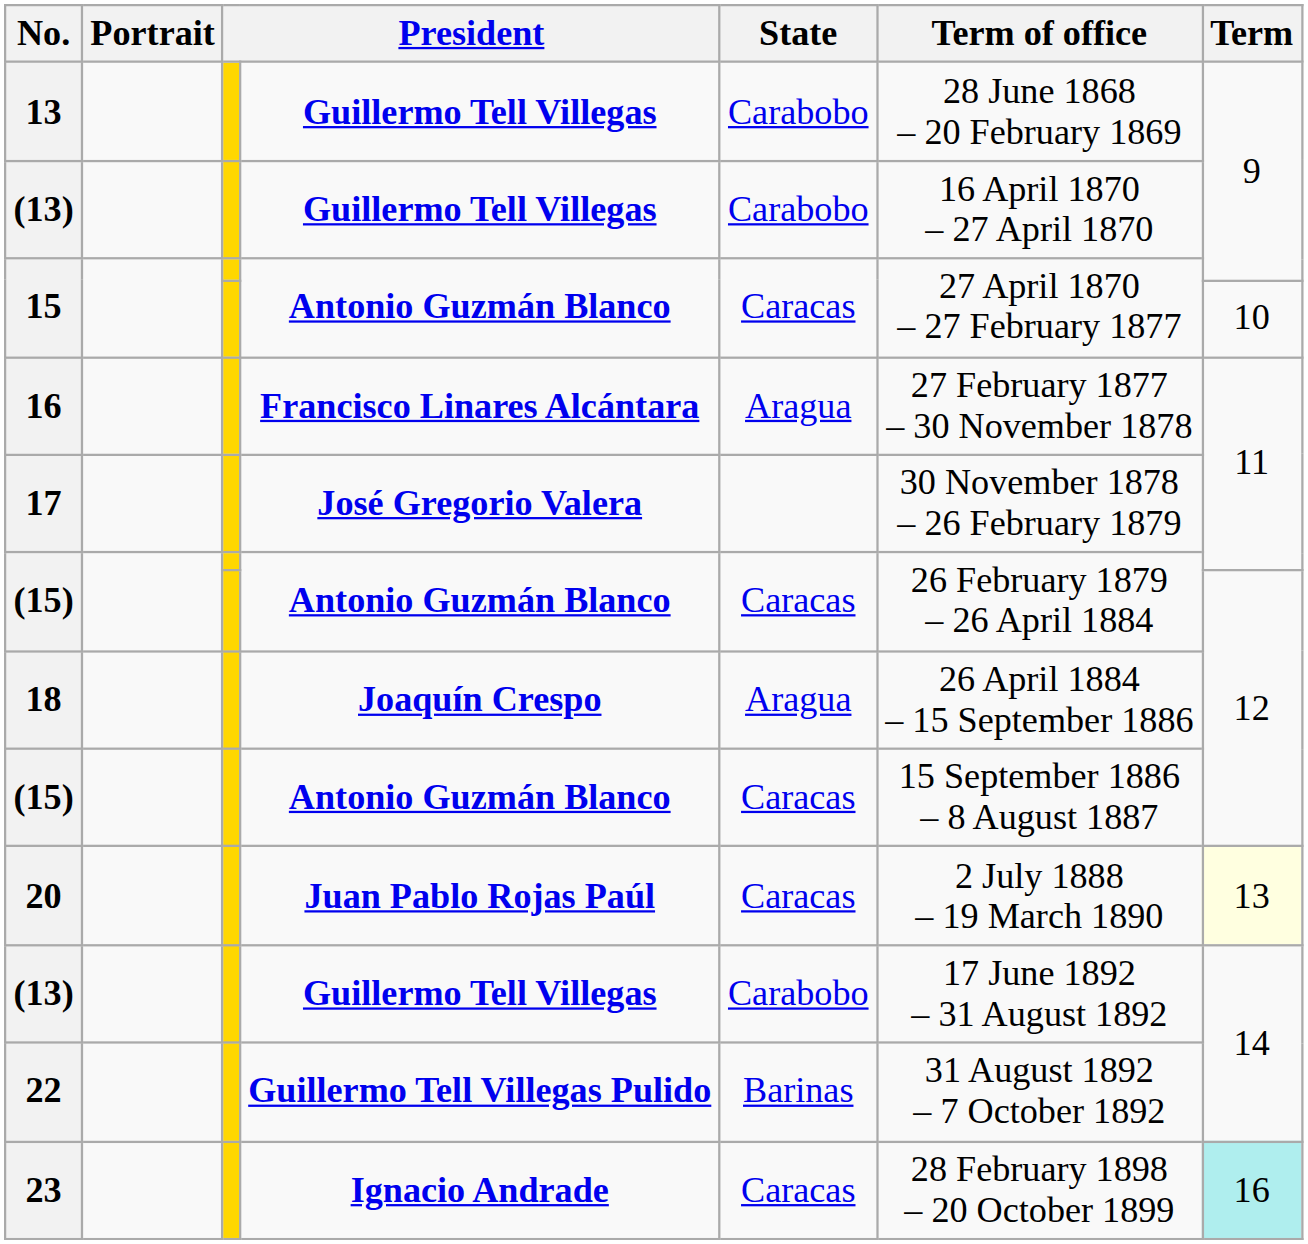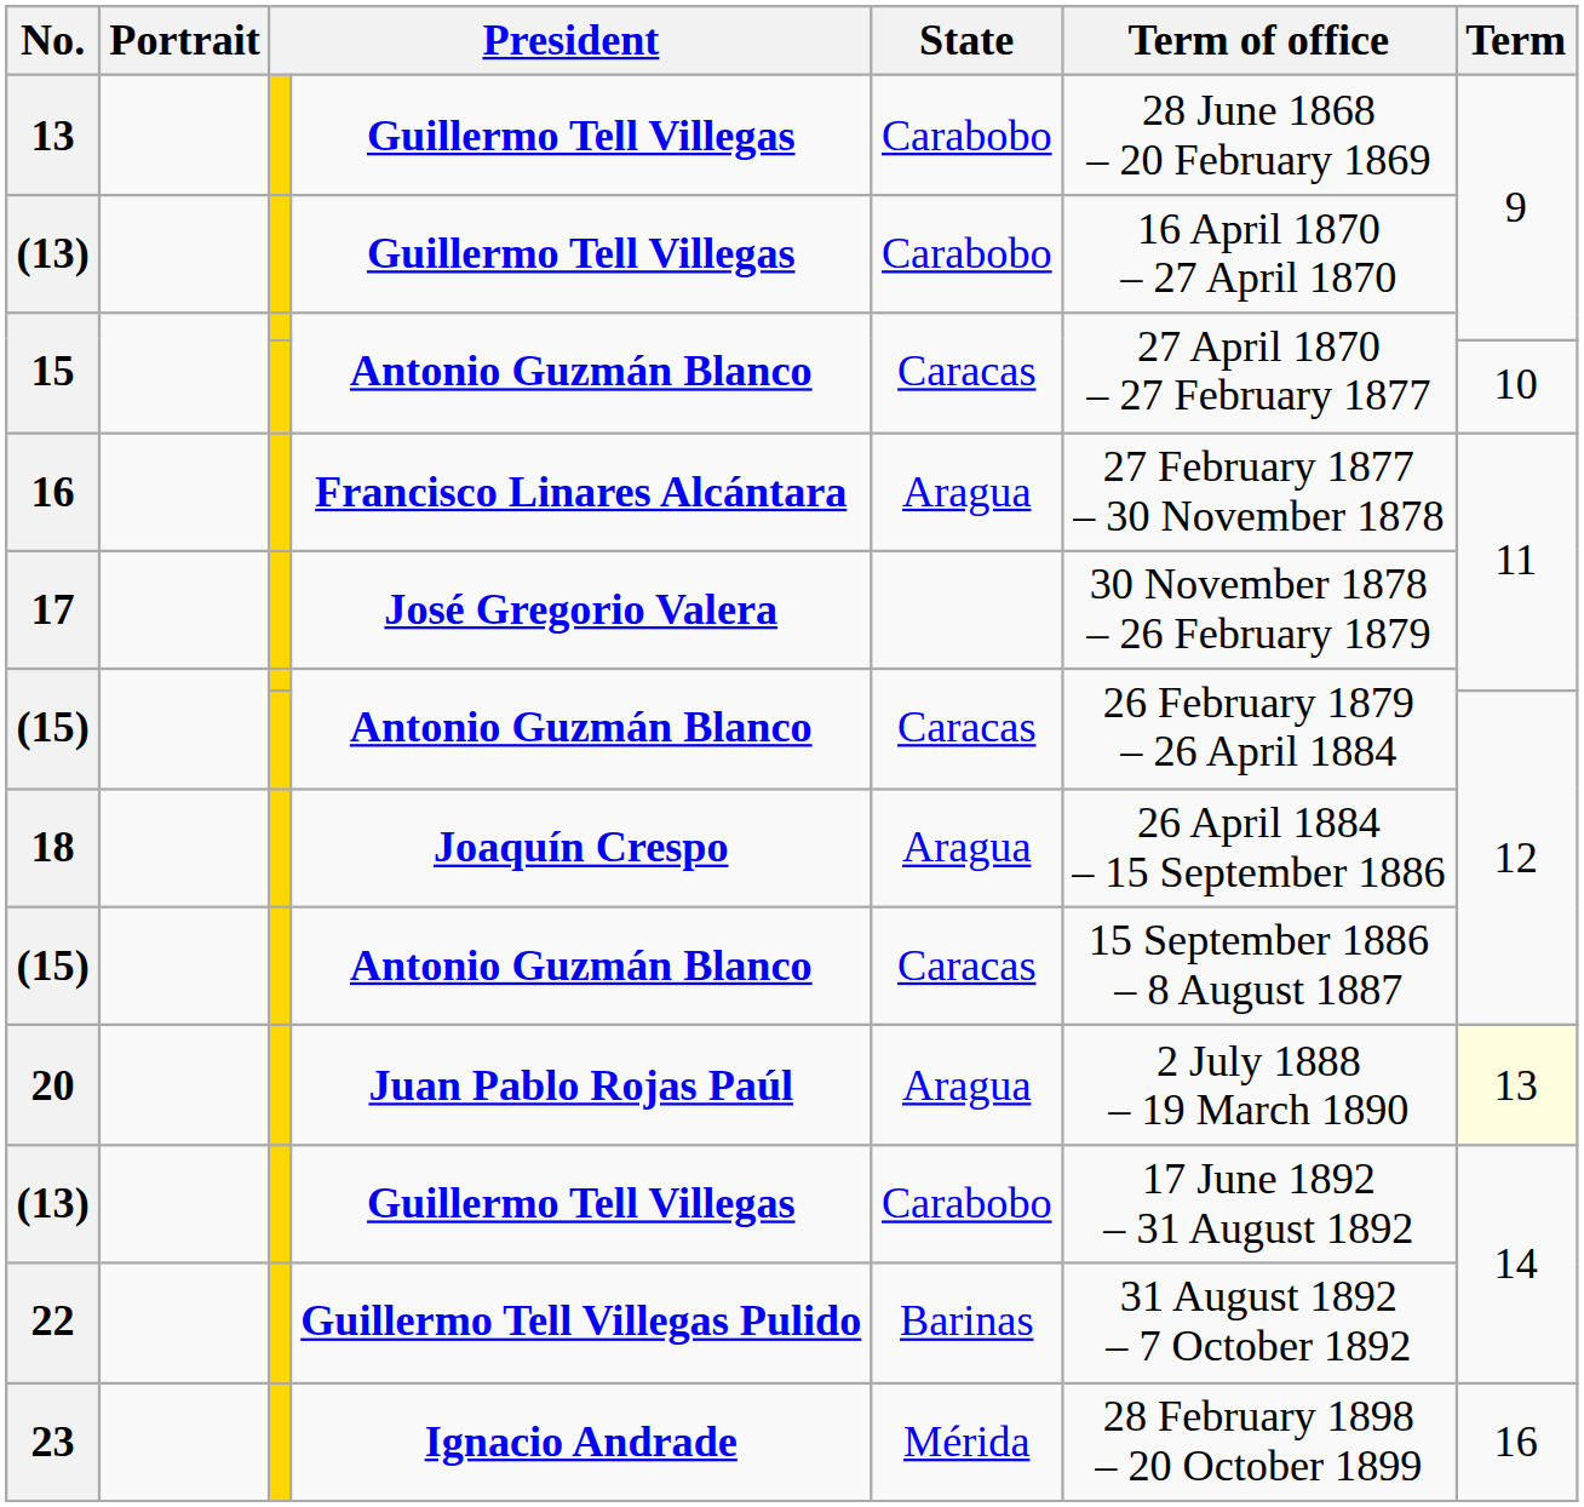 <table class="wikitable sortable" style="text-align: center;">
 <tr>
 <th>No.<br></th>
 <th>Portrait</th>
 <th colspan="2" style="width:120px;"><a href='#'>President</a></th>
 <th>State</th>
 <th>Term of office</th>
 <th>Term<br></th>
 </tr>
 <tr>
 <th style="text-align:center;">13</th>
 <td style="text-align:center;"></td>
 <td style="background:gold; text-align:center;"></td>
 <td style="text-align:center;"><strong><a href='#'>Guillermo Tell Villegas</a></strong> </td>
 <td style="text-align:center;"><a href='#'>Carabobo</a></td>
 <td style="text-align:center;">28 June 1868<br>– 20 February 1869</td>
 <td rowspan="3">9<br></td>
 </tr>
 <tr>
 <th style="text-align:center;">(13)</th>
 <td style="text-align:center;"></td>
 <td style="background:gold; text-align:center;"></td>
 <td style="text-align:center;"><strong><a href='#'>Guillermo Tell Villegas</a></strong> </td>
 <td style="text-align:center;"><a href='#'>Carabobo</a></td>
 <td style="text-align:center;">16 April 1870<br>– 27 April 1870</td>
 </tr>
 <tr>
 <th rowspan="2" style="text-align:center;">15</th>
 <td rowspan="2" style="text-align:center;"></td>
 <td style="background:gold; text-align:center;"></td>
 <td rowspan="2" style="text-align:center;"><strong><a href='#'>Antonio Guzmán Blanco</a></strong> </td>
 <td rowspan="2" style="text-align:center;"><a href='#'>Caracas</a></td>
 <td rowspan="2" style="text-align:center;">27 April 1870<br>– 27 February 1877</td>
 </tr>
 <tr>
 <td style="background:gold; text-align:center;"></td>
 <td style="text-align:center;">10<br></td>
 </tr>
 <tr>
 <th style="text-align:center;">16</th>
 <td style="text-align:center;"></td>
 <td style="background:gold; text-align:center;"></td>
 <td style="text-align:center;"><strong><a href='#'>Francisco Linares Alcántara</a></strong> </td>
 <td style="text-align:center;"><a href='#'>Aragua</a></td>
 <td style="text-align:center;">27 February 1877<br>– 30 November 1878</td>
 <td rowspan="3" style="text-align:center;">11<br></td>
 </tr>
 <tr>
 <th style="text-align:center;">17</th>
 <td style="text-align:center;"></td>
 <td style="background:gold; text-align:center;"></td>
 <td style="text-align:center;"><strong><a href='#'>José Gregorio Valera</a></strong> </td>
 <td style="text-align:center;"></td>
 <td style="text-align:center;">30 November 1878<br>– 26 February 1879</td>
 </tr>
 <tr>
 <th rowspan="2" style="text-align:center;">(15)</th>
 <td rowspan="2" style="text-align:center;"></td>
 <td style="background:gold; text-align:center;"></td>
 <td rowspan="2" style="text-align:center;"><strong><a href='#'>Antonio Guzmán Blanco</a></strong> </td>
 <td rowspan="2" style="text-align:center;"><a href='#'>Caracas</a></td>
 <td rowspan="2" style="text-align:center;">26 February 1879<br>– 26 April 1884</td>
 </tr>
 <tr>
 <td style="background:gold; text-align:center;"></td>
 <td rowspan="3" style="text-align:center;">12<br></td>
 </tr>
 <tr>
 <th style="text-align:center;">18</th>
 <td style="text-align:center;"></td>
 <td style="background:gold; text-align:center;"></td>
 <td style="text-align:center;"><strong><a href='#'>Joaquín Crespo</a></strong> </td>
 <td style="text-align:center;"><a href='#'>Aragua</a></td>
 <td style="text-align:center;">26 April 1884<br>– 15 September 1886</td>
 </tr>
 <tr>
 <th style="text-align:center;">(15)</th>
 <td style="text-align:center;"></td>
 <td style="background:gold; text-align:center;"></td>
 <td style="text-align:center;"><strong><a href='#'>Antonio Guzmán Blanco</a></strong> </td>
 <td style="text-align:center;"><a href='#'>Caracas</a></td>
 <td style="text-align:center;">15 September 1886<br>– 8 August 1887</td>
 </tr>
 <tr>
 <th style="text-align:center;">20</th>
 <td style="text-align:center;"></td>
 <td style="background:gold; text-align:center;"></td>
 <td style="text-align:center;"><strong><a href='#'>Juan Pablo Rojas Paúl</a></strong> </td>
-<td style="text-align:center;"><a href='#'>Caracas</a></td>
+<td style="text-align:center;"><a href='#'>Aragua</a></td>
 <td style="text-align:center;">2 July 1888<br>– 19 March 1890</td>
 <td style="background: lightyellow; text-align:center;">13<br></td>
 </tr>
 <tr>
 <th style="text-align:center;">(13)</th>
 <td style="text-align:center;"></td>
 <td style="background:gold; text-align:center;"></td>
 <td style="text-align:center;"><strong><a href='#'>Guillermo Tell Villegas</a></strong> </td>
 <td style="text-align:center;"><a href='#'>Carabobo</a></td>
 <td style="text-align:center;">17 June 1892<br>– 31 August 1892</td>
 <td rowspan="2">14<br></td>
 </tr>
 <tr>
 <th style="text-align:center;">22</th>
 <td style="text-align:center;"></td>
 <td style="background:gold; text-align:center;"></td>
 <td style="text-align:center;"><strong><a href='#'>Guillermo Tell Villegas Pulido</a></strong> </td>
 <td style="text-align:center;"><a href='#'>Barinas</a></td>
 <td style="text-align:center;">31 August 1892<br>– 7 October 1892</td>
 </tr>
 <tr>
 <th style="text-align:center;">23</th>
 <td style="text-align:center;"></td>
 <td style="background:gold; text-align:center;"></td>
 <td style="text-align:center;"><strong><a href='#'>Ignacio Andrade</a></strong> </td>
-<td style="text-align:center;"><a href='#'>Caracas</a></td>
+<td style="text-align:center;"><a href='#'>Mérida</a></td>
 <td style="text-align:center;">28 February 1898<br>– 20 October 1899</td>
-<td style="background: paleturquoise; text-align:center;">16<br></td>
+<td style="text-align:center;">16<br></td>
 </tr>
 </table>
